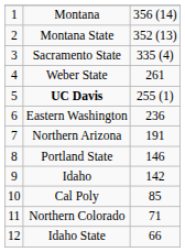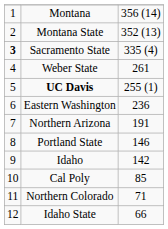 <table class="wikitable" style="display: inline-table;">
 <tr align="center">
 </tr>
 <tr align="center">
 <td>1</td>
 <td>Montana</td>
 <td>356 (14)</td>
 </tr>
 <tr align="center">
 <td>2</td>
 <td>Montana State</td>
 <td>352 (13)</td>
 </tr>
 <tr align="center">
-<td>3</td>
+<td><strong>3</strong></td>
 <td>Sacramento State</td>
 <td>335 (4)</td>
 </tr>
 <tr align="center">
 <td>4</td>
 <td>Weber State</td>
 <td>261</td>
 </tr>
 <tr align="center">
 <td>5</td>
 <td><strong>UC Davis</strong></td>
 <td>255 (1)</td>
 </tr>
 <tr align="center">
 <td>6</td>
 <td>Eastern Washington</td>
 <td>236</td>
 </tr>
 <tr align="center">
 <td>7</td>
 <td>Northern Arizona</td>
 <td>191</td>
 </tr>
 <tr align="center">
 <td>8</td>
 <td>Portland State</td>
 <td>146</td>
 </tr>
 <tr align="center">
 <td>9</td>
 <td>Idaho</td>
 <td>142</td>
 </tr>
 <tr align="center">
 <td>10</td>
 <td>Cal Poly</td>
 <td>85</td>
 </tr>
 <tr align="center">
 <td>11</td>
 <td>Northern Colorado</td>
 <td>71</td>
 </tr>
 <tr align="center">
 <td>12</td>
 <td>Idaho State</td>
 <td>66</td>
 </tr>
 </table>
